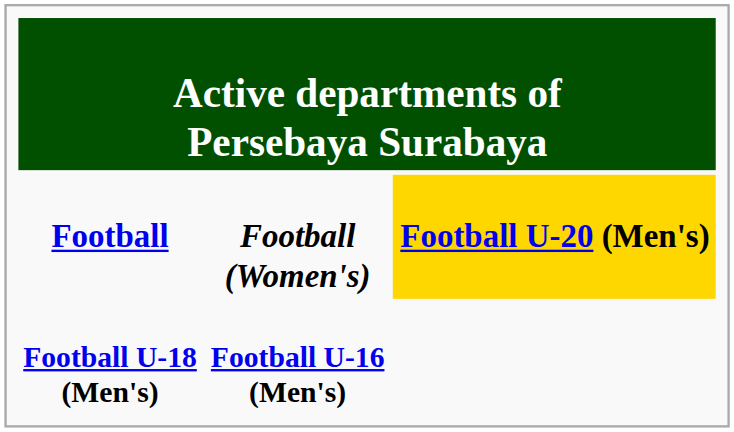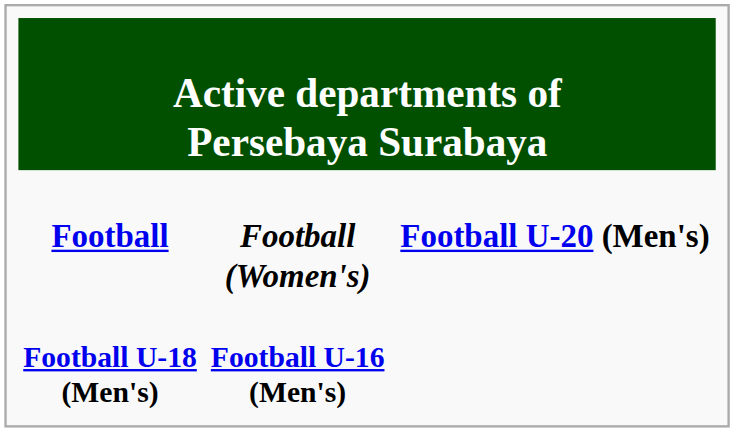 <table class="infobox" style="font-size: 88%; width: 22em; text-align: center">
 <tr>
 <th colspan=3 style="font-size: 125%; background-color:#005000; color:white; text-align:center;"><br>Active departments of<br>Persebaya Surabaya</th>
 </tr>
 <tr style="text-align: center">
 <td><br><strong><a href='#'>Football</a></strong></td>
 <td><br><strong><em>Football<br>(Women's)</em></strong></td>
-<td style="background: gold;"><br><strong><a href='#'>Football U-20</a> (Men's)</strong></td>
+<td><br><strong><a href='#'>Football U-20</a> (Men's)</strong></td>
 </tr>
 <tr style="font-size: 90%; text-align: center">
 <td><br><strong><a href='#'>Football U-18</a><br> (Men's)</strong></td>
 <td><br><strong><a href='#'>Football U-16</a><br> (Men's)</strong></td>
 </tr>
 </table>
